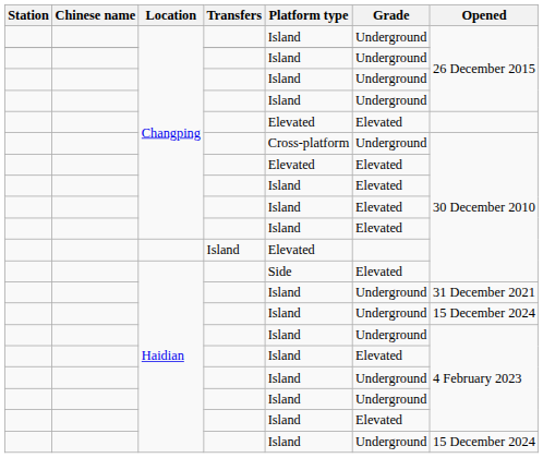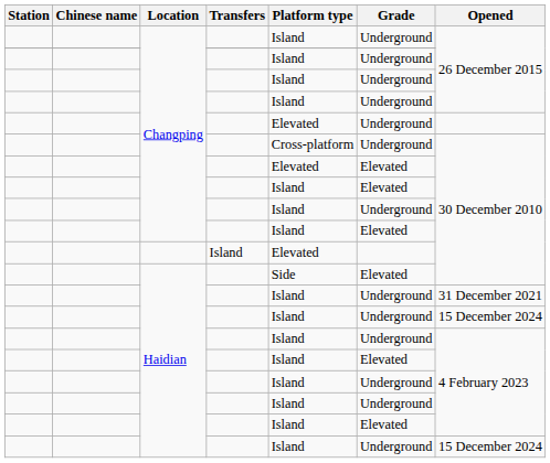 <table class=wikitable>
 <tr>
 <th>Station</th>
 <th>Chinese name</th>
 <th>Location</th>
 <th>Transfers</th>
 <th>Platform type</th>
 <th>Grade</th>
 <th>Opened</th>
 </tr>
 <tr>
 <td></td>
 <td><span></span></td>
 <td rowspan=11><a href='#'>Changping</a></td>
 <td></td>
 <td>Island</td>
 <td>Underground</td>
 <td rowspan=5>26 December 2015</td>
 </tr>
 <tr>
 </tr>
 <tr>
 <td></td>
 <td><span></span></td>
 <td></td>
 <td>Island</td>
 <td>Underground</td>
 </tr>
 <tr>
 <td></td>
 <td><span></span></td>
 <td></td>
 <td>Island</td>
 <td>Underground</td>
 </tr>
 <tr>
 <td></td>
 <td><span></span></td>
 <td></td>
 <td>Island</td>
 <td>Underground</td>
 </tr>
 <tr>
 <td></td>
 <td><span></span></td>
 <td></td>
 <td>Elevated</td>
-<td>Elevated</td>
+<td>Underground</td>
 </tr>
 <tr>
 <td></td>
 <td><span></span></td>
 <td></td>
 <td>Cross-platform</td>
 <td>Underground</td>
 <td rowspan=7>30 December 2010</td>
 </tr>
 <tr>
 <td></td>
 <td><span></span></td>
 <td></td>
 <td>Elevated</td>
 <td>Elevated</td>
 </tr>
 <tr>
 <td></td>
 <td><span></span></td>
 <td></td>
 <td>Island</td>
 <td>Elevated</td>
 </tr>
 <tr>
 <td></td>
 <td><span></span></td>
 <td></td>
 <td>Island</td>
-<td>Elevated</td>
+<td>Underground</td>
 </tr>
 <tr>
 <td></td>
 <td><span></span></td>
 <td></td>
 <td>Island</td>
 <td>Elevated</td>
 </tr>
 <tr>
 <td></td>
 <td><span></span></td>
 <td></td>
 <td>Island</td>
 <td>Elevated</td>
 </tr>
 <tr>
 <td></td>
 <td><span></span></td>
 <td rowspan=9><a href='#'>Haidian</a></td>
 <td></td>
 <td>Side</td>
 <td>Elevated</td>
 </tr>
 <tr>
 <td></td>
 <td><span></span></td>
 <td> <br></td>
 <td>Island</td>
 <td>Underground</td>
 <td>31 December 2021</td>
 </tr>
 <tr>
 <td></td>
 <td><span></span></td>
 <td></td>
 <td>Island</td>
 <td>Underground</td>
 <td>15 December 2024</td>
 </tr>
 <tr>
 <td></td>
 <td><span></span></td>
 <td></td>
 <td>Island</td>
 <td>Underground</td>
 <td rowspan=5>4 February 2023</td>
 </tr>
 <tr>
 <td></td>
 <td><span></span></td>
 <td></td>
 <td>Island</td>
 <td>Elevated</td>
 </tr>
 <tr>
 <td></td>
 <td><span></span></td>
 <td></td>
 <td>Island</td>
 <td>Underground</td>
 </tr>
 <tr>
 <td></td>
 <td><span></span></td>
 <td></td>
 <td>Island</td>
 <td>Underground</td>
 </tr>
 <tr>
 <td></td>
 <td><span></span></td>
 <td></td>
 <td>Island</td>
 <td>Elevated</td>
 </tr>
 <tr>
 <td></td>
 <td><span></span></td>
 <td></td>
 <td>Island</td>
 <td>Underground</td>
 <td>15 December 2024</td>
 </tr>
 </table>
